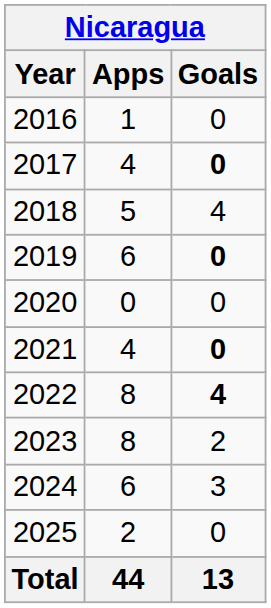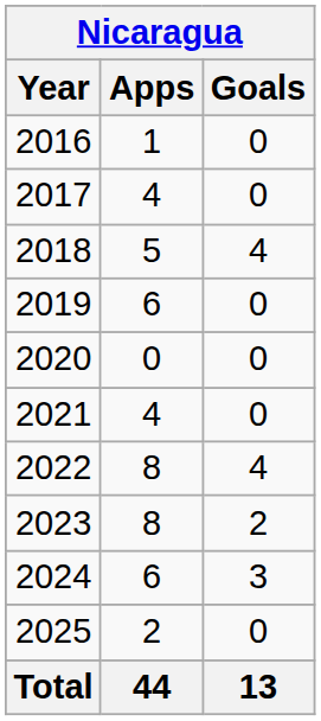 <table class=wikitable style=text-align:center>
 <tr>
 <th colspan=4><a href='#'>Nicaragua</a></th>
 </tr>
 <tr>
 <th>Year</th>
 <th>Apps</th>
 <th>Goals</th>
 </tr>
 <tr>
 <td>2016</td>
 <td>1</td>
 <td>0</td>
 </tr>
 <tr>
 <td>2017</td>
 <td>4</td>
-<td><strong>0</strong></td>
+<td>0</td>
 </tr>
 <tr>
 <td>2018</td>
 <td>5</td>
 <td>4</td>
 </tr>
 <tr>
 <td>2019</td>
 <td>6</td>
-<td><strong>0</strong></td>
+<td>0</td>
 </tr>
 <tr>
 <td>2020</td>
 <td>0</td>
 <td>0</td>
 </tr>
 <tr>
 <td>2021</td>
 <td>4</td>
-<td><strong>0</strong></td>
+<td>0</td>
 </tr>
 <tr>
 <td>2022</td>
 <td>8</td>
-<td><strong>4</strong></td>
+<td>4</td>
 </tr>
 <tr>
 <td>2023</td>
 <td>8</td>
 <td>2</td>
 </tr>
 <tr>
 <td>2024</td>
 <td>6</td>
 <td>3</td>
 </tr>
 <tr>
 <td>2025</td>
 <td>2</td>
 <td>0</td>
 </tr>
 <tr>
 <th colspan=1>Total</th>
 <th>44</th>
 <th>13</th>
 </tr>
 </table>
